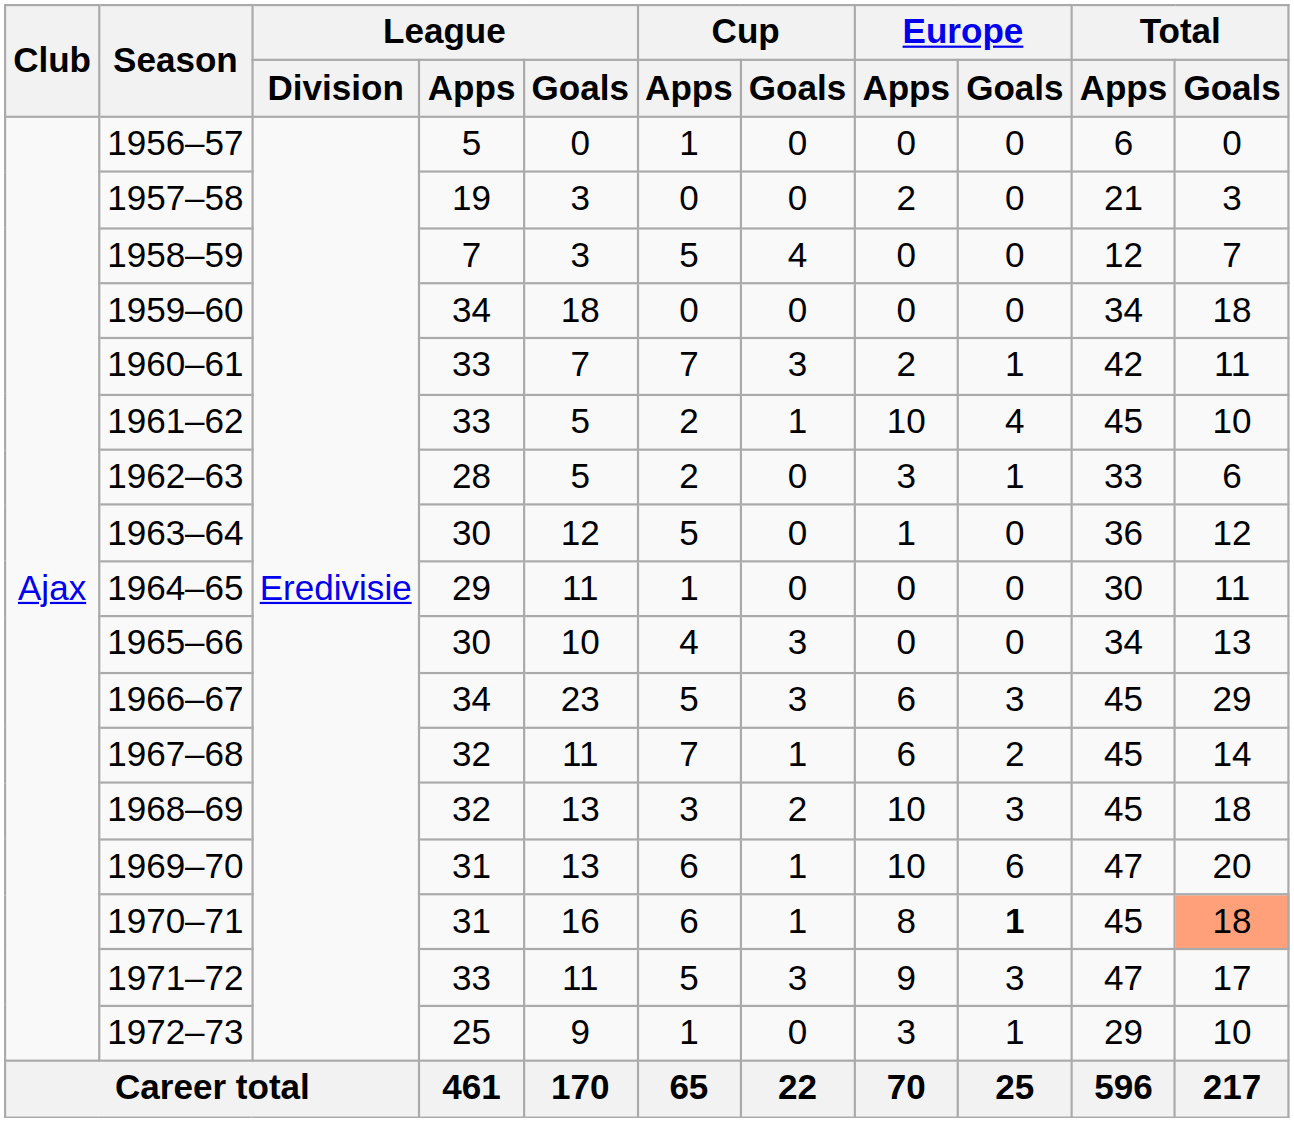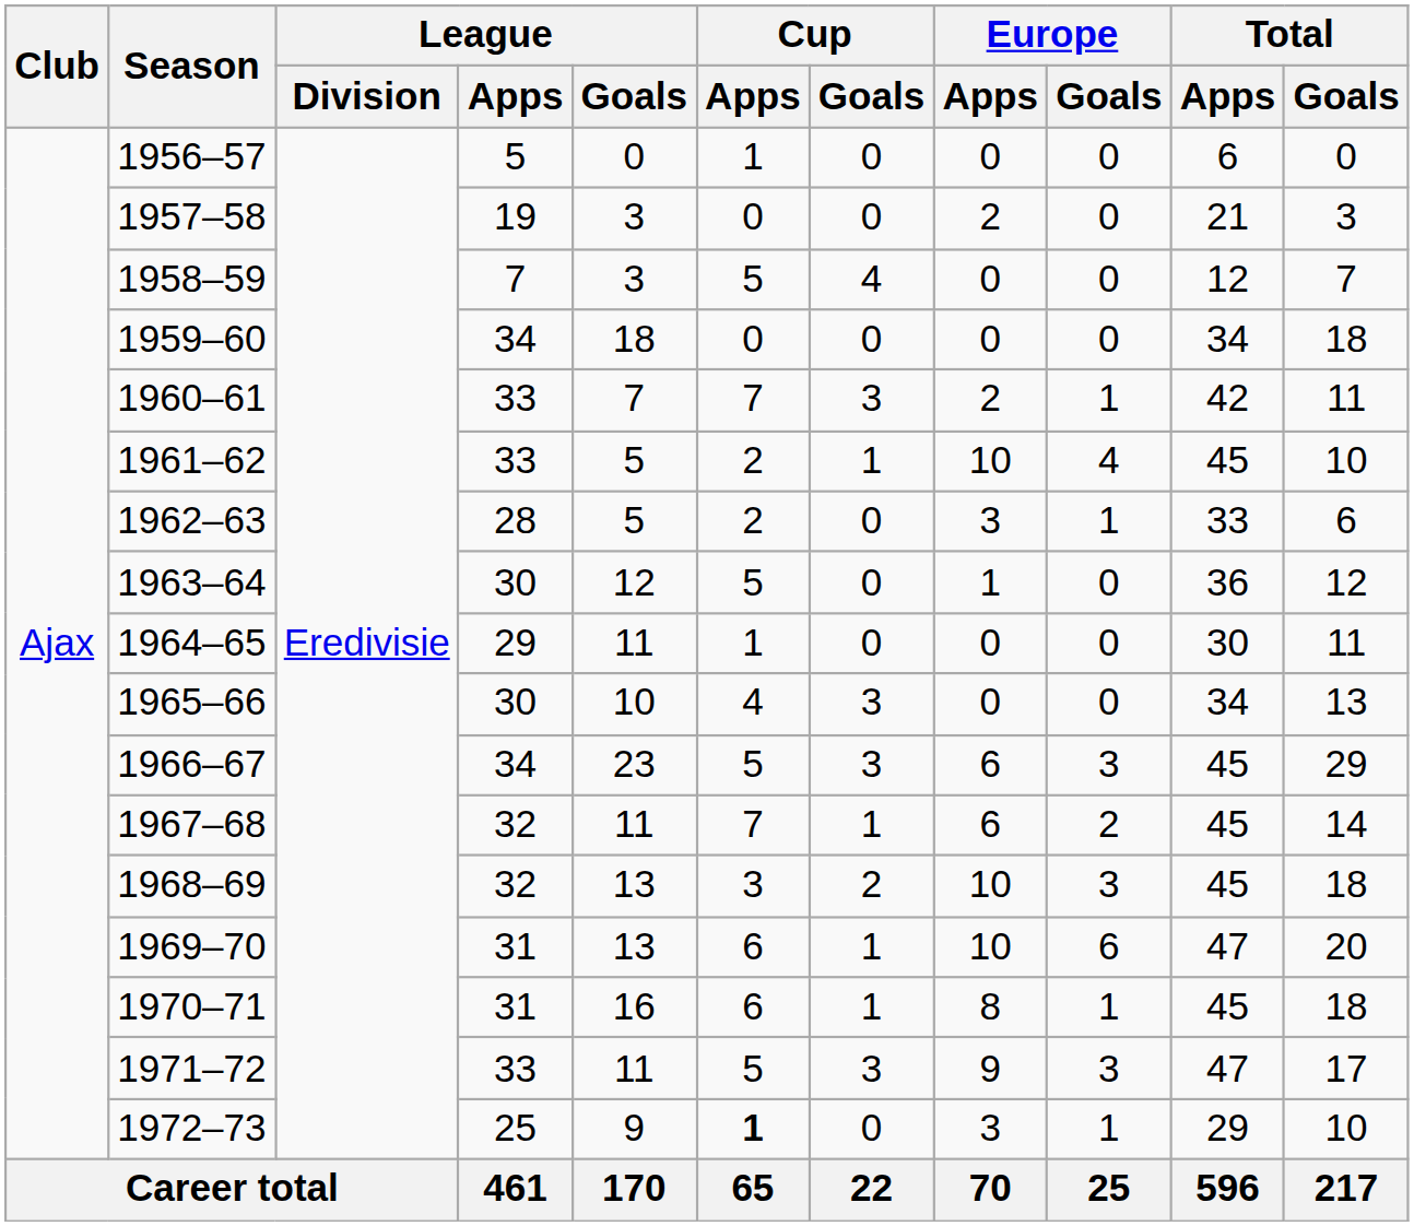 <table class="wikitable" style="text-align:center">
 <tr>
 <th rowspan="2">Club</th>
 <th rowspan="2">Season</th>
 <th colspan="3">League</th>
 <th colspan="2">Cup</th>
 <th colspan="2"><a href='#'>Europe</a></th>
 <th colspan="2">Total</th>
 </tr>
 <tr>
 <th>Division</th>
 <th>Apps</th>
 <th>Goals</th>
 <th>Apps</th>
 <th>Goals</th>
 <th>Apps</th>
 <th>Goals</th>
 <th>Apps</th>
 <th>Goals</th>
 </tr>
 <tr>
 <td rowspan="17"><a href='#'>Ajax</a></td>
 <td>1956–57</td>
 <td rowspan="17"><a href='#'>Eredivisie</a></td>
 <td>5</td>
 <td>0</td>
 <td>1</td>
 <td>0</td>
 <td>0</td>
 <td>0</td>
 <td>6</td>
 <td>0</td>
 </tr>
 <tr>
 <td>1957–58</td>
 <td>19</td>
 <td>3</td>
 <td>0</td>
 <td>0</td>
 <td>2</td>
 <td>0</td>
 <td>21</td>
 <td>3</td>
 </tr>
 <tr>
 <td>1958–59</td>
 <td>7</td>
 <td>3</td>
 <td>5</td>
 <td>4</td>
 <td>0</td>
 <td>0</td>
 <td>12</td>
 <td>7</td>
 </tr>
 <tr>
 <td>1959–60</td>
 <td>34</td>
 <td>18</td>
 <td>0</td>
 <td>0</td>
 <td>0</td>
 <td>0</td>
 <td>34</td>
 <td>18</td>
 </tr>
 <tr>
 <td>1960–61</td>
 <td>33</td>
 <td>7</td>
 <td>7</td>
 <td>3</td>
 <td>2</td>
 <td>1</td>
 <td>42</td>
 <td>11</td>
 </tr>
 <tr>
 <td>1961–62</td>
 <td>33</td>
 <td>5</td>
 <td>2</td>
 <td>1</td>
 <td>10</td>
 <td>4</td>
 <td>45</td>
 <td>10</td>
 </tr>
 <tr>
 <td>1962–63</td>
 <td>28</td>
 <td>5</td>
 <td>2</td>
 <td>0</td>
 <td>3</td>
 <td>1</td>
 <td>33</td>
 <td>6</td>
 </tr>
 <tr>
 <td>1963–64</td>
 <td>30</td>
 <td>12</td>
 <td>5</td>
 <td>0</td>
 <td>1</td>
 <td>0</td>
 <td>36</td>
 <td>12</td>
 </tr>
 <tr>
 <td>1964–65</td>
 <td>29</td>
 <td>11</td>
 <td>1</td>
 <td>0</td>
 <td>0</td>
 <td>0</td>
 <td>30</td>
 <td>11</td>
 </tr>
 <tr>
 <td>1965–66</td>
 <td>30</td>
 <td>10</td>
 <td>4</td>
 <td>3</td>
 <td>0</td>
 <td>0</td>
 <td>34</td>
 <td>13</td>
 </tr>
 <tr>
 <td>1966–67</td>
 <td>34</td>
 <td>23</td>
 <td>5</td>
 <td>3</td>
 <td>6</td>
 <td>3</td>
 <td>45</td>
 <td>29</td>
 </tr>
 <tr>
 <td>1967–68</td>
 <td>32</td>
 <td>11</td>
 <td>7</td>
 <td>1</td>
 <td>6</td>
 <td>2</td>
 <td>45</td>
 <td>14</td>
 </tr>
 <tr>
 <td>1968–69</td>
 <td>32</td>
 <td>13</td>
 <td>3</td>
 <td>2</td>
 <td>10</td>
 <td>3</td>
 <td>45</td>
 <td>18</td>
 </tr>
 <tr>
 <td>1969–70</td>
 <td>31</td>
 <td>13</td>
 <td>6</td>
 <td>1</td>
 <td>10</td>
 <td>6</td>
 <td>47</td>
 <td>20</td>
 </tr>
 <tr>
 <td>1970–71</td>
 <td>31</td>
 <td>16</td>
 <td>6</td>
 <td>1</td>
 <td>8</td>
-<td><strong>1</strong></td>
+<td>1</td>
 <td>45</td>
-<td style="background: lightsalmon;">18</td>
+<td>18</td>
 </tr>
 <tr>
 <td>1971–72</td>
 <td>33</td>
 <td>11</td>
 <td>5</td>
 <td>3</td>
 <td>9</td>
 <td>3</td>
 <td>47</td>
 <td>17</td>
 </tr>
 <tr>
 <td>1972–73</td>
 <td>25</td>
 <td>9</td>
-<td>1</td>
+<td><strong>1</strong></td>
 <td>0</td>
 <td>3</td>
 <td>1</td>
 <td>29</td>
 <td>10</td>
 </tr>
 <tr>
 <th colspan="3">Career total</th>
 <th>461</th>
 <th>170</th>
 <th>65</th>
 <th>22</th>
 <th>70</th>
 <th>25</th>
 <th>596</th>
 <th>217</th>
 </tr>
 </table>
